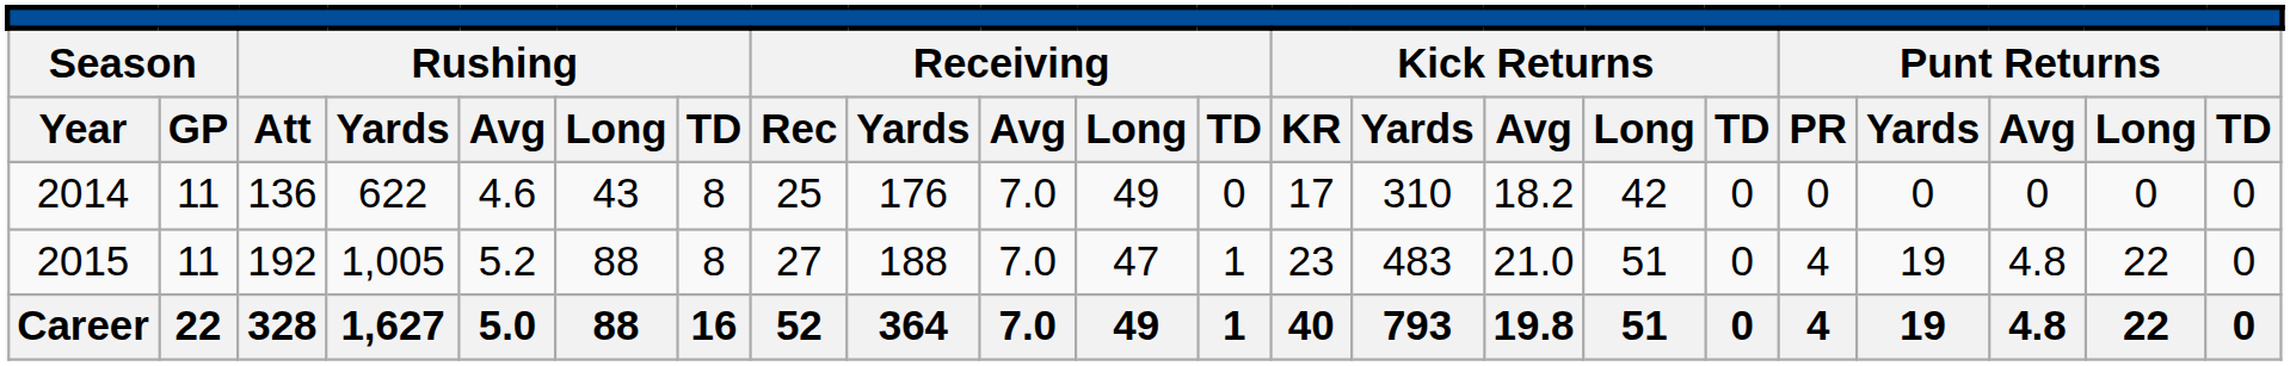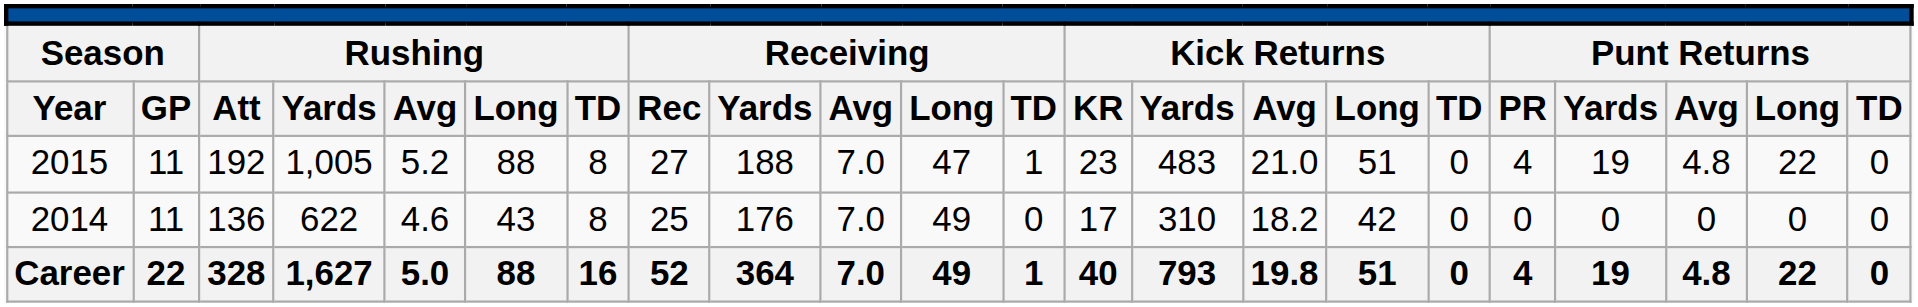 <table class=wikitable style="text-align:center;">
 <tr>
 <td ! colspan="22" style="background:#004d99; border:2px solid black; color:black;"></td>
 </tr>
 <tr>
 <th colspan=2>Season</th>
 <th colspan=5>Rushing</th>
 <th colspan=5>Receiving</th>
 <th colspan=5>Kick Returns</th>
 <th colspan=5>Punt Returns</th>
 </tr>
 <tr>
 <th>Year</th>
 <th>GP</th>
 <th>Att</th>
 <th>Yards</th>
 <th>Avg</th>
 <th>Long</th>
 <th>TD</th>
 <th>Rec</th>
 <th>Yards</th>
 <th>Avg</th>
 <th>Long</th>
 <th>TD</th>
 <th>KR</th>
 <th>Yards</th>
 <th>Avg</th>
 <th>Long</th>
 <th>TD</th>
 <th>PR</th>
 <th>Yards</th>
 <th>Avg</th>
 <th>Long</th>
 <th>TD</th>
 </tr>
 <tr>
+<td>2015</td>
+<td>11</td>
+<td>192</td>
+<td>1,005</td>
+<td>5.2</td>
+<td>88</td>
+<td>8</td>
+<td>27</td>
+<td>188</td>
+<td>7.0</td>
+<td>47</td>
+<td>1</td>
+<td>23</td>
+<td>483</td>
+<td>21.0</td>
+<td>51</td>
+<td>0</td>
+<td>4</td>
+<td>19</td>
+<td>4.8</td>
+<td>22</td>
+<td>0</td>
+</tr>
+<tr>
 <td>2014</td>
 <td>11</td>
 <td>136</td>
 <td>622</td>
 <td>4.6</td>
 <td>43</td>
 <td>8</td>
 <td>25</td>
 <td>176</td>
 <td>7.0</td>
 <td>49</td>
 <td>0</td>
 <td>17</td>
 <td>310</td>
 <td>18.2</td>
 <td>42</td>
 <td>0</td>
 <td>0</td>
 <td>0</td>
 <td>0</td>
 <td>0</td>
-<td>0</td>
-</tr>
-<tr>
-<td>2015</td>
-<td>11</td>
-<td>192</td>
-<td>1,005</td>
-<td>5.2</td>
-<td>88</td>
-<td>8</td>
-<td>27</td>
-<td>188</td>
-<td>7.0</td>
-<td>47</td>
-<td>1</td>
-<td>23</td>
-<td>483</td>
-<td>21.0</td>
-<td>51</td>
-<td>0</td>
-<td>4</td>
-<td>19</td>
-<td>4.8</td>
-<td>22</td>
 <td>0</td>
 </tr>
 <tr>
 <th>Career</th>
 <th>22</th>
 <th>328</th>
 <th>1,627</th>
 <th>5.0</th>
 <th>88</th>
 <th>16</th>
 <th>52</th>
 <th>364</th>
 <th>7.0</th>
 <th>49</th>
 <th>1</th>
 <th>40</th>
 <th>793</th>
 <th>19.8</th>
 <th>51</th>
 <th>0</th>
 <th>4</th>
 <th>19</th>
 <th>4.8</th>
 <th>22</th>
 <th>0</th>
 </tr>
 </table>
